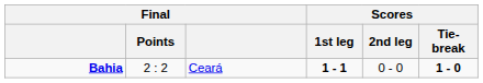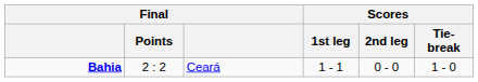 <table class="wikitable" style="text-align:center;">
 <tr>
 <th colspan=3>Final</th>
 <th colspan=3>Scores</th>
 </tr>
 <tr>
 <th width="175"></th>
 <th width="75">Points</th>
 <th width="175"></th>
 <th width="75">1st leg</th>
 <th width="75">2nd leg</th>
 <th width="75">Tie-break</th>
 </tr>
 <tr>
 <td align=right><strong><a href='#'>Bahia</a></strong></td>
 <td>2 : 2</td>
 <td align=left><a href='#'>Ceará</a></td>
-<td><strong>1 - 1</strong></td>
+<td>1 - 1</td>
 <td>0 - 0</td>
-<td><strong>1 - 0</strong></td>
+<td>1 - 0</td>
 </tr>
 </table>
